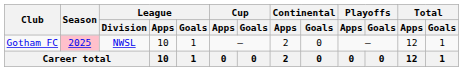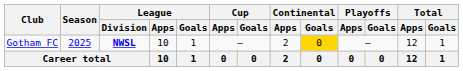 <table class="wikitable" style="text-align: center;">
 <tr>
 <th rowspan="2">Club</th>
 <th rowspan="2">Season</th>
 <th colspan="3">League</th>
 <th colspan="2">Cup</th>
 <th colspan="2"><strong>Continental</strong></th>
 <th colspan="2">Playoffs</th>
 <th colspan="2">Total</th>
 </tr>
 <tr>
 <th>Division</th>
 <th>Apps</th>
 <th>Goals</th>
 <th>Apps</th>
 <th>Goals</th>
 <th>Apps</th>
 <th>Goals</th>
 <th>Apps</th>
 <th>Goals</th>
 <th>Apps</th>
 <th>Goals</th>
 </tr>
 <tr>
 <td><a href='#'>Gotham FC</a></td>
-<td style="background: pink;"><a href='#'>2025</a></td>
-<td><a href='#'>NWSL</a></td>
+<td><a href='#'>2025</a></td>
+<td><strong><a href='#'>NWSL</a></strong></td>
 <td>10</td>
 <td>1</td>
 <td colspan="2">—</td>
 <td>2</td>
-<td>0</td>
+<td style="background: gold;">0</td>
 <td colspan="2">—</td>
 <td>12</td>
 <td>1</td>
 </tr>
 <tr>
 <th colspan="3">Career total</th>
 <th>10</th>
 <th>1</th>
 <th>0</th>
 <th>0</th>
 <th>2</th>
 <th>0</th>
 <th>0</th>
 <th>0</th>
 <th>12</th>
 <th>1</th>
 </tr>
 </table>
